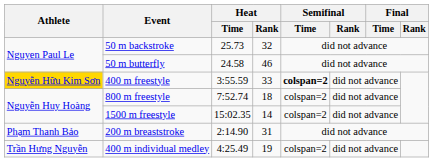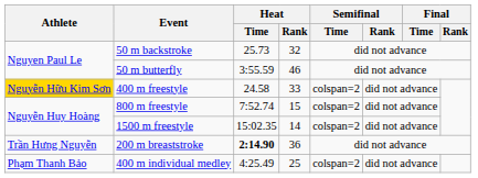 <table class="wikitable" style="text-align:center; font-size:90%">
 <tr>
 <th rowspan="2">Athlete</th>
 <th rowspan="2">Event</th>
 <th colspan="2">Heat</th>
 <th colspan="2">Semifinal</th>
 <th colspan="2">Final</th>
 </tr>
 <tr style="font-size:95%">
 <th>Time</th>
 <th>Rank</th>
 <th>Time</th>
 <th>Rank</th>
 <th>Time</th>
 <th>Rank</th>
 </tr>
 <tr>
 <td align=left rowspan=2><a href='#'>Nguyen Paul Le</a></td>
 <td align=left><a href='#'>50 m backstroke</a></td>
 <td>25.73</td>
 <td>32</td>
 <td colspan=4>did not advance</td>
 </tr>
 <tr>
 <td align=left><a href='#'>50 m butterfly</a></td>
-<td>24.58</td>
+<td>3:55.59</td>
 <td>46</td>
 <td colspan=4>did not advance</td>
 </tr>
 <tr>
 <td align=left style="background: gold;"><a href='#'>Nguyễn Hữu Kim Sơn</a></td>
 <td align=left><a href='#'>400 m freestyle</a></td>
-<td>3:55.59</td>
+<td>24.58</td>
 <td>33</td>
-<td><strong>colspan=2 </strong></td>
+<td>colspan=2 </td>
 <td colspan=2>did not advance</td>
 </tr>
 <tr>
 <td align=left rowspan=2><a href='#'>Nguyễn Huy Hoàng</a></td>
 <td align=left><a href='#'>800 m freestyle</a></td>
 <td>7:52.74</td>
-<td>18</td>
+<td>15</td>
 <td>colspan=2 </td>
 <td colspan=2>did not advance</td>
 </tr>
 <tr>
 <td align=left><a href='#'>1500 m freestyle</a></td>
 <td>15:02.35</td>
 <td>14</td>
 <td>colspan=2 </td>
 <td colspan=2>did not advance</td>
 </tr>
 <tr>
-<td align=left><a href='#'>Phạm Thanh Bảo</a></td>
+<td align=left><a href='#'>Trần Hưng Nguyễn</a></td>
 <td align=left><a href='#'>200 m breaststroke</a></td>
-<td>2:14.90</td>
-<td>31</td>
+<td><strong>2:14.90</strong></td>
+<td>36</td>
 <td colspan=4>did not advance</td>
 </tr>
 <tr>
-<td align=left><a href='#'>Trần Hưng Nguyễn</a></td>
+<td align=left><a href='#'>Phạm Thanh Bảo</a></td>
 <td align=left><a href='#'>400 m individual medley</a></td>
 <td>4:25.49</td>
-<td>19</td>
+<td>25</td>
 <td>colspan=2 </td>
 <td colspan=2>did not advance</td>
 </tr>
 </table>
